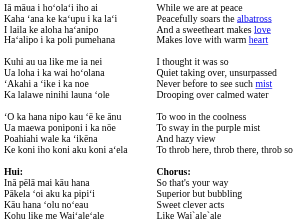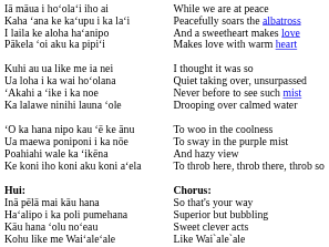 <table cellpadding=0 cellspacing=0>
 <tr>
 <td>Iā māua i ho‘ola‘i iho ai</td>
 <td>While we are at peace</td>
 </tr>
 <tr>
 <td>Kaha ‘ana ke ka‘upu i ka la‘i</td>
 <td>Peacefully soars the <a href='#'>albatross</a></td>
 </tr>
 <tr>
 <td>I laila ke aloha ha‘anipo</td>
 <td>And a sweetheart makes <a href='#'>love</a></td>
 </tr>
 <tr>
-<td>Ha‘alipo i ka poli pumehana</td>
+<td>Pākela ‘oi aku ka pipi‘i</td>
 <td>Makes love with warm <a href='#'>heart</a></td>
 </tr>
 <tr>
 <td style="width:250px;"> </td>
 <td style="width:300px;"> </td>
 </tr>
 <tr>
 <td>Kuhi au ua like me ia nei</td>
 <td>I thought it was so</td>
 </tr>
 <tr>
 <td>Ua loha i ka wai ho‘olana</td>
 <td>Quiet taking over, unsurpassed</td>
 </tr>
 <tr>
 <td>‘Akahi a ‘ike i ka noe</td>
 <td>Never before to see such <a href='#'>mist</a></td>
 </tr>
 <tr>
 <td>Ka lalawe ninihi launa ‘ole</td>
 <td>Drooping over calmed water</td>
 </tr>
 <tr>
 <td> </td>
 <td> </td>
 </tr>
 <tr>
 <td>‘O ka hana nipo kau ‘ē ke ānu</td>
 <td>To woo in the coolness</td>
 </tr>
 <tr>
 <td>Ua maewa poniponi i ka nōe</td>
 <td>To sway in the purple mist</td>
 </tr>
 <tr>
 <td>Poahiahi wale ka ‘ikēna</td>
 <td>And hazy view</td>
 </tr>
 <tr>
 <td>Ke koni iho koni aku koni a‘ela</td>
 <td>To throb here, throb there, throb so</td>
 </tr>
 <tr>
 <td> </td>
 <td> </td>
 </tr>
 <tr>
 <td><strong>Hui:</strong></td>
 <td><strong>Chorus:</strong></td>
 </tr>
 <tr>
 <td>Inā pēlā mai kāu hana</td>
 <td>So that's your way</td>
 </tr>
 <tr>
-<td>Pākela ‘oi aku ka pipi‘i</td>
+<td>Ha‘alipo i ka poli pumehana</td>
 <td>Superior but bubbling</td>
 </tr>
 <tr>
 <td>Kāu hana ‘olu no‘eau</td>
 <td>Sweet clever acts</td>
 </tr>
 <tr>
 <td>Kohu like me Wai‘ale‘ale</td>
 <td>Like Wai`ale`ale</td>
 </tr>
 </table>
